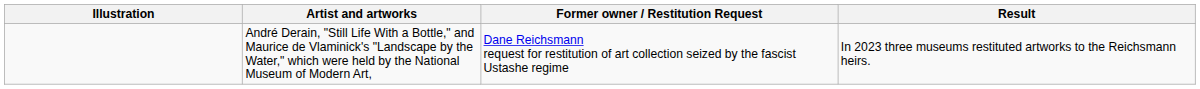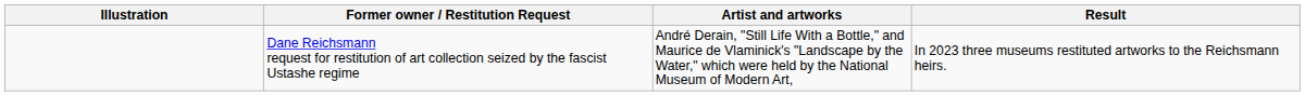 <table class="wikitable alternance centre">
 <tr>
 <th class="unsortable" width="20">Illustration</th>
+<th width="30%">Former owner / Restitution Request</th>
 <th width="20%">Artist and artworks</th>
-<th width="30%">Former owner / Restitution Request</th>
 <th width="30%">Result</th>
 </tr>
 <tr>
 <td></td>
+<td><a href='#'>Dane Reichsmann</a><br>request for restitution of art collection seized by the fascist Ustashe regime</td>
 <td>André Derain, "Still Life With a Bottle," and Maurice de Vlaminick's "Landscape by the Water," which were held by the National Museum of Modern Art,</td>
-<td><a href='#'>Dane Reichsmann</a><br>request for restitution of art collection seized by the fascist Ustashe regime</td>
 <td>In 2023 three museums restituted artworks to the Reichsmann heirs.</td>
 </tr>
 </table>
